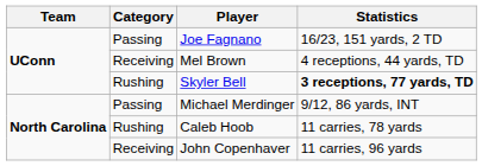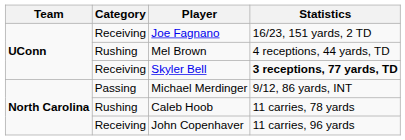 <table class="wikitable" style="float: right;">
 <tr>
 <th>Team</th>
 <th>Category</th>
 <th>Player</th>
 <th>Statistics</th>
 </tr>
 <tr>
 <td rowspan=3><strong>UConn</strong></td>
-<td>Passing</td>
+<td>Receiving</td>
 <td><a href='#'>Joe Fagnano</a></td>
 <td>16/23, 151 yards, 2 TD</td>
 </tr>
 <tr>
-<td>Receiving</td>
+<td>Rushing</td>
 <td>Mel Brown</td>
 <td>4 receptions, 44 yards, TD</td>
 </tr>
 <tr>
-<td>Rushing</td>
+<td>Receiving</td>
 <td><a href='#'>Skyler Bell</a></td>
 <td><strong>3 receptions, 77 yards, TD</strong></td>
 </tr>
 <tr>
 <td rowspan=3><strong>North Carolina</strong></td>
 <td>Passing</td>
 <td>Michael Merdinger</td>
 <td>9/12, 86 yards, INT</td>
 </tr>
 <tr>
 <td>Rushing</td>
 <td>Caleb Hoob</td>
 <td>11 carries, 78 yards</td>
 </tr>
 <tr>
 <td>Receiving</td>
 <td>John Copenhaver</td>
 <td>11 carries, 96 yards</td>
 </tr>
 </table>
